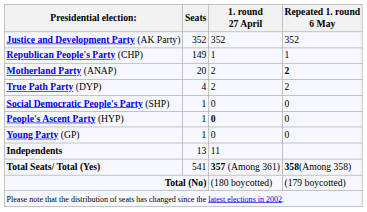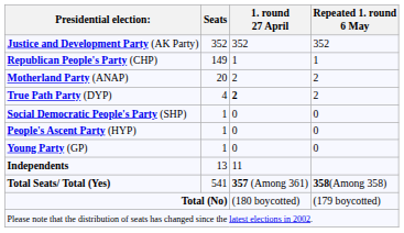 <table class="wikitable" style="border:1px solid #8888AA; background:#F7F8FF; padding:0; font-size:90%;">
 <tr align=center>
 <th>Presidential election:</th>
 <th colspan=2>Seats</th>
 <th>1. round <br> 27 April</th>
 <th>Repeated 1. round <br>6 May</th>
 </tr>
 <tr>
 <td><strong><a href='#'>Justice and Development Party</a></strong> (AK Party)</td>
 <td style="text-align:right;" colspan="2">352</td>
 <td>352</td>
 <td>352</td>
 </tr>
 <tr>
 <td><strong><a href='#'>Republican People's Party</a></strong> (CHP)</td>
 <td style="text-align:right;" colspan="2">149</td>
 <td>1</td>
 <td>1</td>
 </tr>
 <tr>
 <td><strong><a href='#'>Motherland Party</a></strong> (ANAP)</td>
 <td style="text-align:right;" colspan="2">20</td>
 <td>2</td>
-<td><strong>2</strong></td>
+<td>2</td>
 </tr>
 <tr>
 <td><strong><a href='#'>True Path Party</a></strong> (DYP)</td>
 <td style="text-align:right;" colspan="2">4</td>
-<td>2</td>
+<td><strong>2</strong></td>
 <td>2</td>
 </tr>
 <tr>
 <td><strong><a href='#'>Social Democratic People's Party</a></strong> (SHP)</td>
 <td style="text-align:right;" colspan="2">1</td>
 <td>0</td>
 <td>0</td>
 </tr>
 <tr>
 <td><strong><a href='#'>People's Ascent Party</a></strong> (HYP)</td>
 <td style="text-align:right;" colspan="2">1</td>
-<td><strong>0</strong></td>
+<td>0</td>
 <td>0</td>
 </tr>
 <tr>
 <td><strong><a href='#'>Young Party</a></strong>  (GP)</td>
 <td style="text-align:right;" colspan="2">1</td>
 <td>0</td>
 <td>0</td>
 </tr>
 <tr>
 <td><strong>Independents</strong></td>
 <td style="text-align:right;" colspan="2">13</td>
 <td>11</td>
 <td></td>
 </tr>
 <tr>
 <td><strong>Total Seats/ Total (Yes)</strong></td>
 <td style="text-align:right;" colspan="2">541</td>
 <td><strong>357</strong> (Among 361)</td>
 <td><strong>358</strong>(Among 358)</td>
 </tr>
 <tr>
 <td style="text-align:right;" colspan="3"><strong>Total (No)</strong></td>
 <td>(180 boycotted)</td>
 <td>(179 boycotted)</td>
 </tr>
 <tr>
 <td colspan=5><small>Please note that the distribution of seats has changed since the <a href='#'>latest elections in 2002</a>.</small></td>
 </tr>
 </table>
